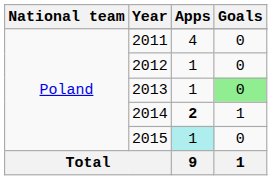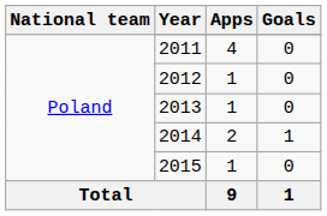 <table class="wikitable" style="text-align:center">
 <tr>
 <th>National team</th>
 <th>Year</th>
 <th>Apps</th>
 <th>Goals</th>
 </tr>
 <tr>
 <td rowspan=6><a href='#'>Poland</a></td>
 </tr>
 <tr>
 <td>2011</td>
 <td>4</td>
 <td>0</td>
 </tr>
 <tr>
 <td>2012</td>
 <td>1</td>
 <td>0</td>
 </tr>
 <tr>
 <td>2013</td>
 <td>1</td>
-<td style="background: lightgreen;">0</td>
+<td>0</td>
 </tr>
 <tr>
 <td>2014</td>
-<td><strong>2</strong></td>
+<td>2</td>
 <td>1</td>
 </tr>
 <tr>
 <td>2015</td>
-<td style="background: paleturquoise;">1</td>
+<td>1</td>
 <td>0</td>
 </tr>
 <tr>
 <th colspan="2">Total</th>
 <th>9</th>
 <th>1</th>
 </tr>
 </table>
